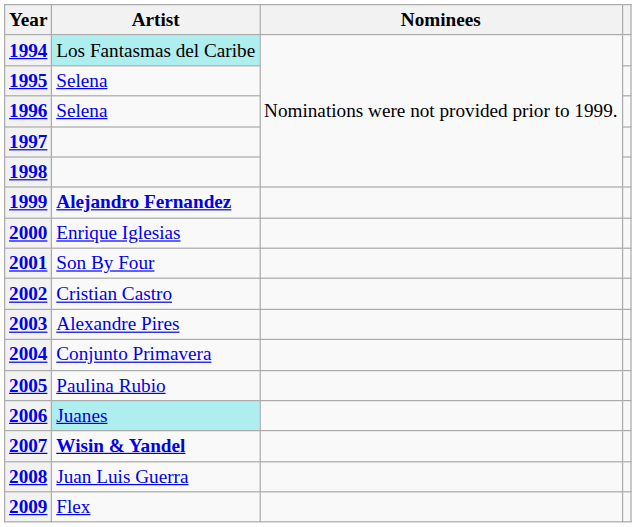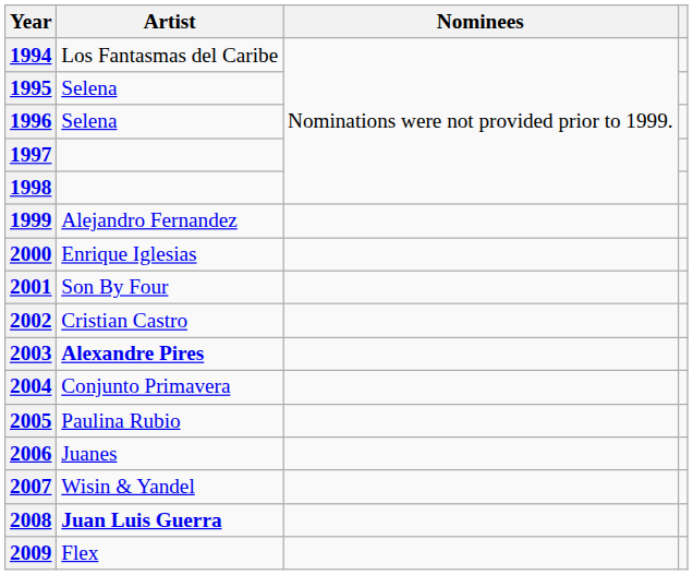 <table class="wikitable">
 <tr>
 <th>Year</th>
 <th>Artist</th>
 <th>Nominees</th>
 <th></th>
 </tr>
 <tr>
 <th scope="row"><a href='#'>1994</a></th>
-<td style="background: paleturquoise;">Los Fantasmas del Caribe</td>
+<td>Los Fantasmas del Caribe</td>
 <td rowspan="5">Nominations were not provided prior to 1999.</td>
 <td></td>
 </tr>
 <tr>
 <th scope="row"><a href='#'>1995</a></th>
 <td><a href='#'>Selena</a></td>
 <td></td>
 </tr>
 <tr>
 <th scope="row"><a href='#'>1996</a></th>
 <td><a href='#'>Selena</a></td>
 <td></td>
 </tr>
 <tr>
 <th scope="row"><a href='#'>1997</a></th>
 <td></td>
 <td></td>
 </tr>
 <tr>
 <th scope="row"><a href='#'>1998</a></th>
 <td></td>
 <td></td>
 </tr>
 <tr>
 <th scope="row"><a href='#'>1999</a></th>
-<td><strong><a href='#'>Alejandro Fernandez</a></strong></td>
+<td><a href='#'>Alejandro Fernandez</a></td>
 <td></td>
 <td></td>
 </tr>
 <tr>
 <th scope="row"><a href='#'>2000</a></th>
 <td><a href='#'>Enrique Iglesias</a></td>
 <td></td>
 <td></td>
 </tr>
 <tr>
 <th scope="row"><a href='#'>2001</a></th>
 <td><a href='#'>Son By Four</a></td>
 <td></td>
 <td></td>
 </tr>
 <tr>
 <th scope="row"><a href='#'>2002</a></th>
 <td><a href='#'>Cristian Castro</a></td>
 <td></td>
 <td></td>
 </tr>
 <tr>
 <th scope="row"><a href='#'>2003</a></th>
-<td><a href='#'>Alexandre Pires</a></td>
+<td><strong><a href='#'>Alexandre Pires</a></strong></td>
 <td></td>
 <td><br></td>
 </tr>
 <tr>
 <th scope="row"><a href='#'>2004</a></th>
 <td><a href='#'>Conjunto Primavera</a></td>
 <td></td>
 <td><br></td>
 </tr>
 <tr>
 <th scope="row"><a href='#'>2005</a></th>
 <td><a href='#'>Paulina Rubio</a></td>
 <td></td>
 <td><br></td>
 </tr>
 <tr>
 <th scope="row"><a href='#'>2006</a></th>
-<td style="background: paleturquoise;"><a href='#'>Juanes</a></td>
+<td><a href='#'>Juanes</a></td>
 <td></td>
 <td><br></td>
 </tr>
 <tr>
 <th scope="row"><a href='#'>2007</a></th>
-<td><strong><a href='#'>Wisin & Yandel</a></strong></td>
+<td><a href='#'>Wisin & Yandel</a></td>
 <td></td>
 <td><br></td>
 </tr>
 <tr>
 <th scope="row"><a href='#'>2008</a></th>
-<td><a href='#'>Juan Luis Guerra</a></td>
+<td><strong><a href='#'>Juan Luis Guerra</a></strong></td>
 <td></td>
 <td><br></td>
 </tr>
 <tr>
 <th scope="row"><a href='#'>2009</a></th>
 <td><a href='#'>Flex</a></td>
 <td></td>
 <td><br></td>
 </tr>
 </table>
